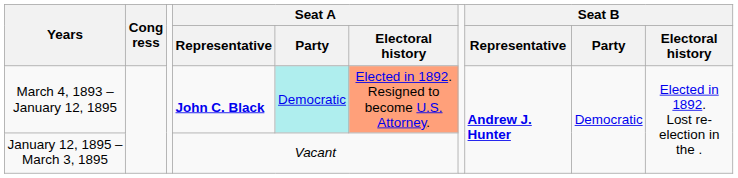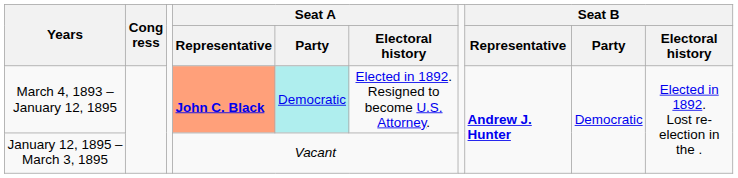 <table class=wikitable style="text-align:center">
 <tr>
 <th rowspan=2>Years</th>
 <th rowspan=2>Cong<br>ress</th>
 <td rowspan=99></td>
 <th colspan=3>Seat A</th>
 <td rowspan=99></td>
 <th colspan=3>Seat B</th>
 </tr>
 <tr style="height:3em">
 <th>Representative</th>
 <th>Party</th>
 <th>Electoral history</th>
 <th>Representative</th>
 <th>Party</th>
 <th>Electoral history</th>
 </tr>
 <tr style="height:3em">
 <td nowrap>March 4, 1893 –<br>January 12, 1895</td>
 <td rowspan=2></td>
-<td align=left><br><strong><a href='#'>John C. Black</a></strong><br></td>
+<td align=left style="background: lightsalmon;"><br><strong><a href='#'>John C. Black</a></strong><br></td>
 <td style="background: paleturquoise;"><a href='#'>Democratic</a></td>
-<td style="background: lightsalmon;"><a href='#'>Elected in 1892</a>.<br>Resigned to become <a href='#'>U.S. Attorney</a>.</td>
+<td><a href='#'>Elected in 1892</a>.<br>Resigned to become <a href='#'>U.S. Attorney</a>.</td>
 <td align=left rowspan=2><br><strong><a href='#'>Andrew J. Hunter</a></strong><br></td>
 <td rowspan=2 ><a href='#'>Democratic</a></td>
 <td rowspan=2><a href='#'>Elected in 1892</a>.<br>Lost re-election in the .</td>
 </tr>
 <tr style="height:3em">
 <td nowrap>January 12, 1895 –<br>March 3, 1895</td>
 <td colspan=3><em>Vacant</em></td>
 </tr>
 </table>
